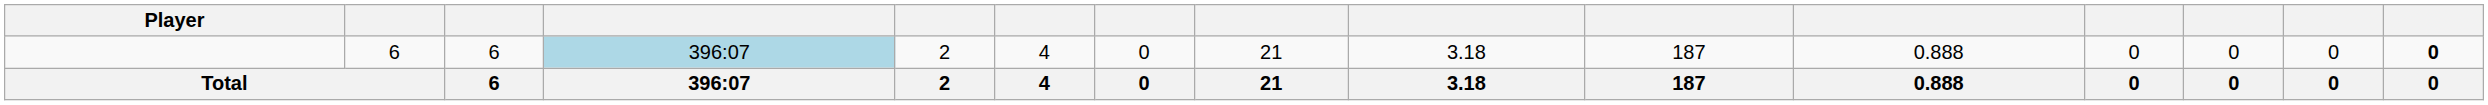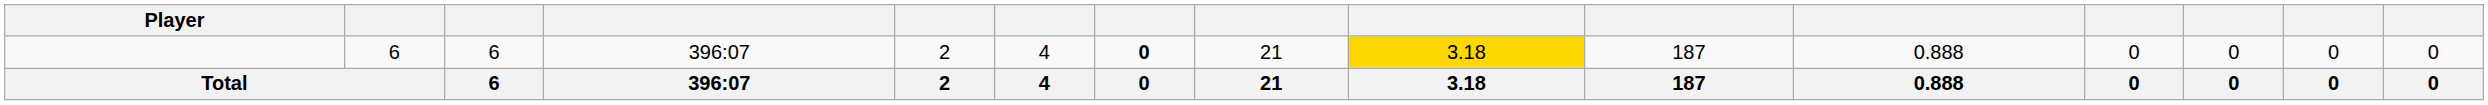 <table class="wikitable sortable" style="width:100%; text-align:center;">
 <tr>
 <th>Player</th>
 <th></th>
 <th></th>
 <th></th>
 <th></th>
 <th></th>
 <th></th>
 <th></th>
 <th></th>
 <th></th>
 <th></th>
 <th></th>
 <th></th>
 <th></th>
 <th></th>
 </tr>
 <tr>
 <td></td>
 <td>6</td>
 <td>6</td>
-<td style="background: lightblue;">396:07</td>
+<td>396:07</td>
 <td>2</td>
 <td>4</td>
-<td>0</td>
+<td><strong>0</strong></td>
 <td>21</td>
-<td>3.18</td>
+<td style="background: gold;">3.18</td>
 <td>187</td>
 <td>0.888</td>
 <td>0</td>
 <td>0</td>
 <td>0</td>
-<td><strong>0</strong></td>
+<td>0</td>
 </tr>
 <tr class="sortbottom">
 <th colspan=2>Total</th>
 <th>6</th>
 <th>396:07</th>
 <th>2</th>
 <th>4</th>
 <th>0</th>
 <th>21</th>
 <th>3.18</th>
 <th>187</th>
 <th>0.888</th>
 <th>0</th>
 <th>0</th>
 <th>0</th>
 <th>0</th>
 </tr>
 </table>
